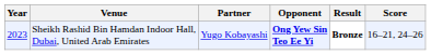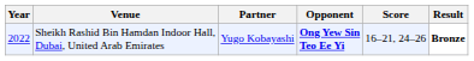 <table class="sortable wikitable" style="font-size: 90%">
 <tr>
 <th>Year</th>
 <th>Venue</th>
 <th>Partner</th>
 <th>Opponent</th>
+<th>Score</th>
 <th>Result</th>
-<th>Score</th>
 </tr>
 <tr style="background:#ECF2FF">
-<td align="center"><a href='#'>2023</a></td>
+<td align="center"><a href='#'>2022</a></td>
 <td align="left">Sheikh Rashid Bin Hamdan Indoor Hall,<br><a href='#'>Dubai</a>, United Arab Emirates</td>
 <td align="left"> <a href='#'>Yugo Kobayashi</a></td>
 <td align="left"><strong> <a href='#'>Ong Yew Sin</a><br> <a href='#'>Teo Ee Yi</a></strong></td>
+<td align="left">16–21, 24–26</td>
 <td style="text-align:left; background:white"> <strong>Bronze</strong></td>
-<td align="left">16–21, 24–26</td>
 </tr>
 </table>
